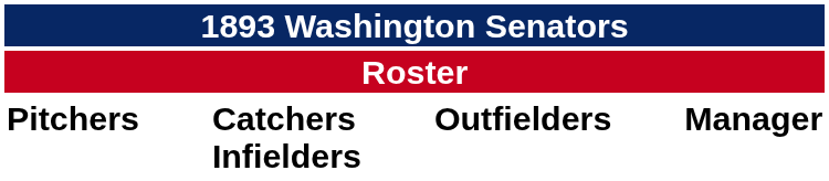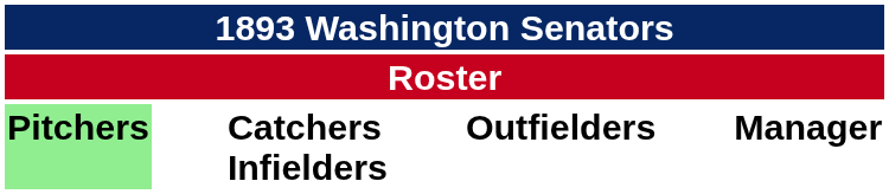 <table class="toccolours" style="font-size: 95%;">
 <tr>
 <th colspan="10" style="background-color: #072764; color: white; text-align: center;">1893 Washington Senators</th>
 </tr>
 <tr>
 <td colspan="10" style="background-color: #c6011f; color: white; text-align: center;"><strong>Roster</strong></td>
 </tr>
 <tr>
-<td valign="top"><strong>Pitchers</strong><br>      </td>
+<td valign="top" style="background: lightgreen;"><strong>Pitchers</strong><br>      </td>
 <td width="25px"></td>
 <td valign="top"><strong>Catchers</strong><br>  <strong>Infielders</strong>     </td>
 <td width="25px"></td>
 <td valign="top"><strong>Outfielders</strong><br>   </td>
 <td width="25px"></td>
 <td valign="top"><strong>Manager</strong><br></td>
 </tr>
 </table>
